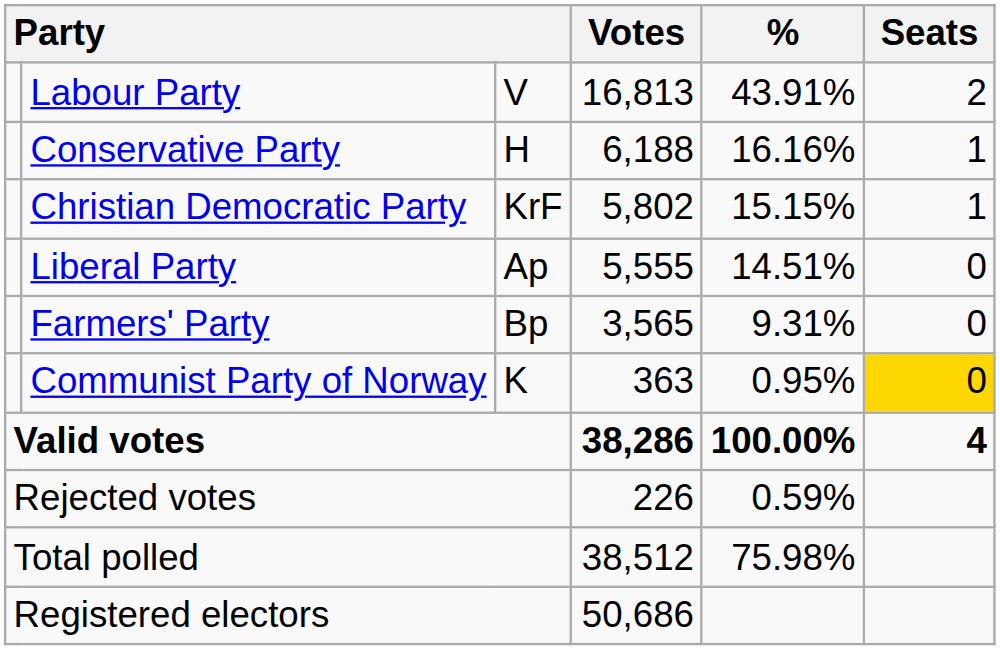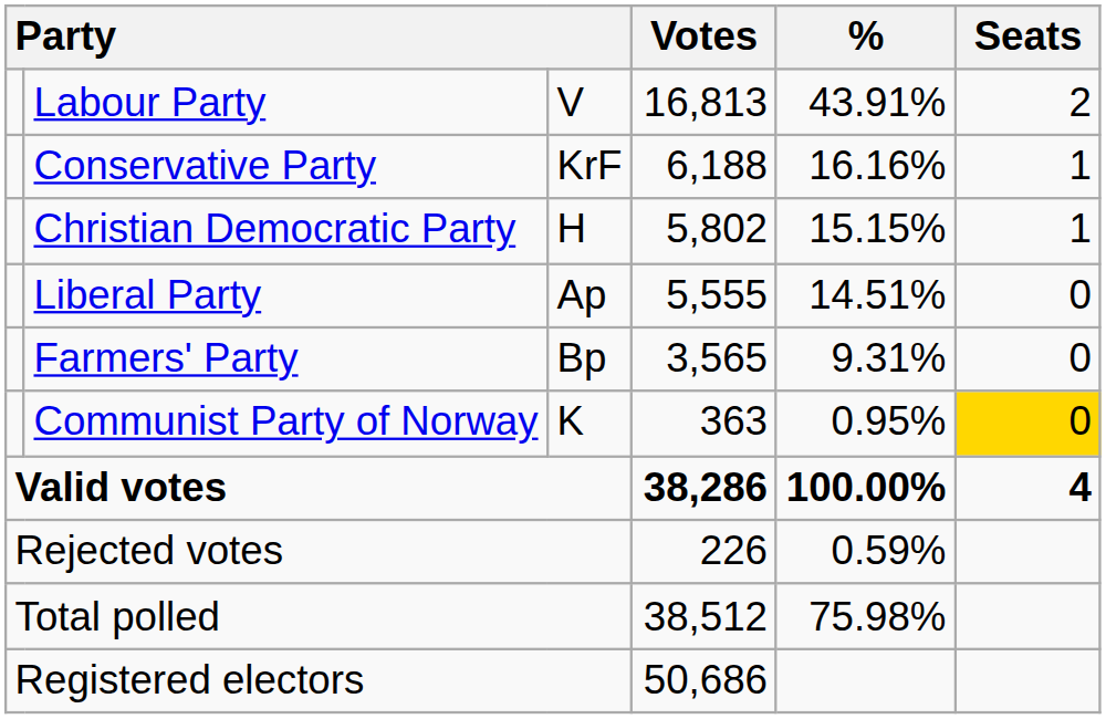 <table class="wikitable" border="1" style="text-align:right;">
 <tr>
 <th style="text-align:left;" colspan=3>Party</th>
 <th align=center width="50">Votes</th>
 <th align=center width="50">%</th>
 <th align=center width="50">Seats</th>
 </tr>
 <tr>
 <td style="color:inherit;background:"></td>
 <td align=left><a href='#'>Labour Party</a></td>
 <td align=left>V</td>
 <td>16,813</td>
 <td>43.91%</td>
 <td>2</td>
 </tr>
 <tr>
 <td style="color:inherit;background:"></td>
 <td align=left><a href='#'>Conservative Party</a></td>
-<td align=left>H</td>
+<td align=left>KrF</td>
 <td>6,188</td>
 <td>16.16%</td>
 <td>1</td>
 </tr>
 <tr>
 <td style="color:inherit;background:"></td>
 <td align=left><a href='#'>Christian Democratic Party</a></td>
-<td align=left>KrF</td>
+<td align=left>H</td>
 <td>5,802</td>
 <td>15.15%</td>
 <td>1</td>
 </tr>
 <tr>
 <td style="color:inherit;background:"></td>
 <td align=left><a href='#'>Liberal Party</a></td>
 <td align=left>Ap</td>
 <td>5,555</td>
 <td>14.51%</td>
 <td>0</td>
 </tr>
 <tr>
 <td style="color:inherit;background:"></td>
 <td align=left><a href='#'>Farmers' Party</a></td>
 <td align=left>Bp</td>
 <td>3,565</td>
 <td>9.31%</td>
 <td>0</td>
 </tr>
 <tr>
 <td style="color:inherit;background:"></td>
 <td align=left><a href='#'>Communist Party of Norway</a></td>
 <td align=left>K</td>
 <td>363</td>
 <td>0.95%</td>
 <td style="background: gold;">0</td>
 </tr>
 <tr style="font-weight:bold">
 <td align=left colspan=3>Valid votes</td>
 <td>38,286</td>
 <td>100.00%</td>
 <td>4</td>
 </tr>
 <tr>
 <td align=left colspan=3>Rejected votes</td>
 <td>226</td>
 <td>0.59%</td>
 <td></td>
 </tr>
 <tr>
 <td align=left colspan=3>Total polled</td>
 <td>38,512</td>
 <td>75.98%</td>
 <td></td>
 </tr>
 <tr>
 <td align=left colspan=3>Registered electors</td>
 <td>50,686</td>
 <td></td>
 <td></td>
 </tr>
 </table>
